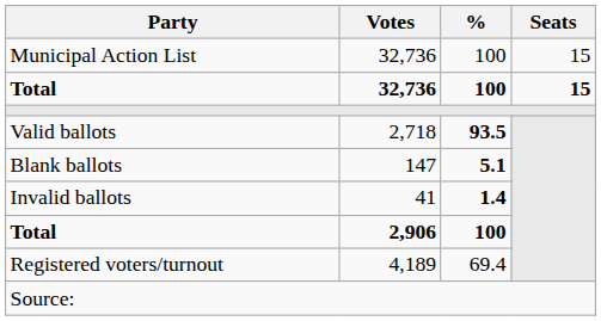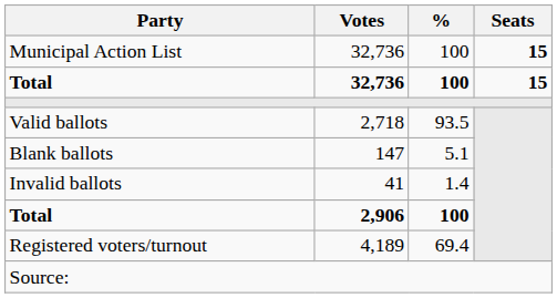 <table class=wikitable style=text-align:right width=450>
 <tr>
 <th>Party</th>
 <th>Votes</th>
 <th>%</th>
 <th>Seats</th>
 </tr>
 <tr>
 <td align=left>Municipal Action List</td>
 <td>32,736</td>
 <td>100</td>
-<td>15</td>
+<td><strong>15</strong></td>
 </tr>
 <tr>
 <td align=left><strong>Total</strong></td>
 <td><strong>32,736</strong></td>
 <td><strong>100</strong></td>
 <td><strong>15</strong></td>
 </tr>
 <tr>
 <td bgcolor=#E9E9E9 colspan=4></td>
 </tr>
 <tr>
 <td align=left>Valid ballots</td>
 <td>2,718</td>
-<td><strong>93.5</strong></td>
+<td>93.5</td>
 <td rowspan=5 bgcolor=#E9E9E9></td>
 </tr>
 <tr>
 <td align=left>Blank ballots</td>
 <td>147</td>
-<td><strong>5.1</strong></td>
+<td>5.1</td>
 </tr>
 <tr>
 <td align=left>Invalid ballots</td>
 <td>41</td>
-<td><strong>1.4</strong></td>
+<td>1.4</td>
 </tr>
 <tr>
 <td align=left><strong> Total</strong></td>
 <td><strong> 2,906</strong></td>
 <td><strong>100</strong></td>
 </tr>
 <tr>
 <td align=left>Registered voters/turnout</td>
 <td>4,189</td>
 <td>69.4</td>
 </tr>
 <tr>
 <td align=left colspan=4>Source: </td>
 </tr>
 </table>
